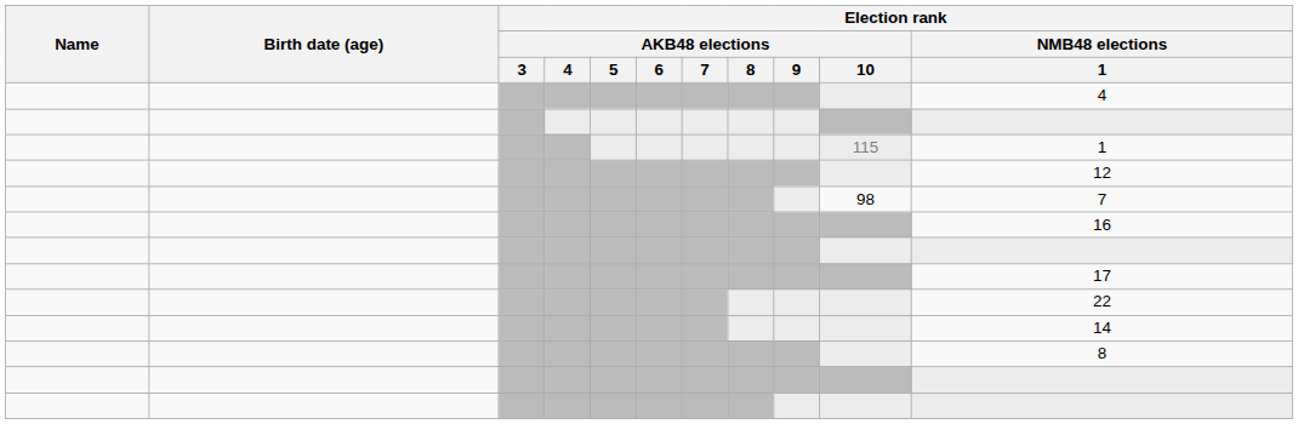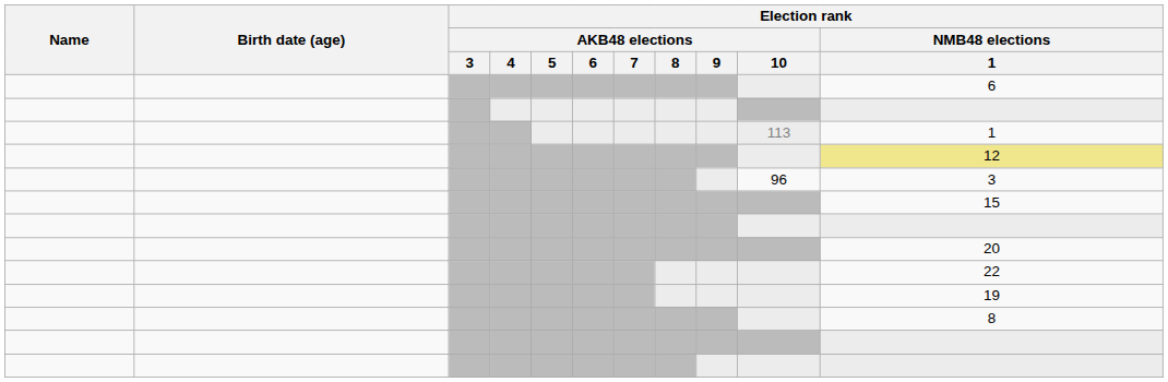 <table class="wikitable sortable"  style="text-align:center; width:100%;">
 <tr>
 <th rowspan="3">Name</th>
 <th rowspan="3">Birth date (age)</th>
 <th colspan="9" class="unsortable">Election rank</th>
 </tr>
 <tr>
 <th colspan="8" class="unsortable">AKB48 elections</th>
 <th colspan="1" class="unsortable">NMB48 elections</th>
 </tr>
 <tr>
 <th data-sort-type="number">3</th>
 <th data-sort-type="number">4</th>
 <th data-sort-type="number">5</th>
 <th data-sort-type="number">6</th>
 <th data-sort-type="number">7</th>
 <th data-sort-type="number">8</th>
 <th data-sort-type="number">9</th>
 <th data-sort-type="number">10</th>
 <th data-sort-type="number">1</th>
 </tr>
 <tr>
 <td style="text-align:left;" data-sort-value="Abe, Wakana"></td>
 <td style="text-align:left;"></td>
 <td style="background:#bbb;"> </td>
 <td style="background:#bbb;"> </td>
 <td style="background:#bbb;"> </td>
 <td style="background:#bbb;"> </td>
 <td style="background:#bbb;"> </td>
 <td style="background:#bbb;"> </td>
 <td style="background:#bbb;"> </td>
 <td style="background:#ececec; color:gray;"></td>
-<td>4</td>
+<td>6</td>
 </tr>
 <tr>
 <td style="text-align:left;" data-sort-value="Uno, Mizuki"></td>
 <td style="text-align:left;"></td>
 <td style="background:#bbb;"> </td>
 <td style="background:#ececec; color:gray;"></td>
 <td style="background:#ececec; color:gray;"></td>
 <td style="background:#ececec; color:gray;"></td>
 <td style="background:#ececec; color:gray;"></td>
 <td style="background:#ececec; color:gray;"></td>
 <td style="background:#ececec; color:gray;"></td>
 <td style="background:#bbb;"> </td>
 <td style="background:#ececec; color:gray;"></td>
 </tr>
 <tr>
 <td style="text-align:left;" data-sort-value="Kawakami, Chihiro"></td>
 <td style="text-align:left;"></td>
 <td style="background:#bbb;"> </td>
 <td style="background:#bbb;"> </td>
 <td style="background:#ececec; color:gray;"></td>
 <td style="background:#ececec; color:gray;"></td>
 <td style="background:#ececec; color:gray;"></td>
 <td style="background:#ececec; color:gray;"></td>
 <td style="background:#ececec; color:gray;"></td>
-<td style="background:#ececec; color:gray;">115</td>
+<td style="background:#ececec; color:gray;">113</td>
 <td>1</td>
 </tr>
 <tr>
 <td style="text-align:left;" data-sort-value="Shiotsuki, Keito"></td>
 <td style="text-align:left;"></td>
 <td style="background:#bbb;"> </td>
 <td style="background:#bbb;"> </td>
 <td style="background:#bbb;"> </td>
 <td style="background:#bbb;"> </td>
 <td style="background:#bbb;"> </td>
 <td style="background:#bbb;"> </td>
 <td style="background:#bbb;"> </td>
 <td style="background:#ececec; color:gray;"></td>
-<td>12</td>
+<td style="background: khaki;">12</td>
 </tr>
 <tr>
 <td style="text-align:left;" data-sort-value="Jonishi, Rei"></td>
 <td style="text-align:left;"></td>
 <td style="background:#bbb;"> </td>
 <td style="background:#bbb;"> </td>
 <td style="background:#bbb;"> </td>
 <td style="background:#bbb;"> </td>
 <td style="background:#bbb;"> </td>
 <td style="background:#bbb;"> </td>
 <td style="background:#ececec; color:gray;"></td>
-<td>98</td>
-<td>7</td>
+<td>96</td>
+<td>3</td>
 </tr>
 <tr>
 <td style="text-align:left;" data-sort-value="Deguchi, Yuina"></td>
 <td style="text-align:left;"></td>
 <td style="background:#bbb;"> </td>
 <td style="background:#bbb;"> </td>
 <td style="background:#bbb;"> </td>
 <td style="background:#bbb;"> </td>
 <td style="background:#bbb;"> </td>
 <td style="background:#bbb;"> </td>
 <td style="background:#bbb;"> </td>
 <td style="background:#bbb;"> </td>
-<td>16</td>
+<td>15</td>
 </tr>
 <tr>
 <td style="text-align:left;" data-sort-value="Nakano, Mirai"></td>
 <td style="text-align:left;"></td>
 <td style="background:#bbb;"> </td>
 <td style="background:#bbb;"> </td>
 <td style="background:#bbb;"> </td>
 <td style="background:#bbb;"> </td>
 <td style="background:#bbb;"> </td>
 <td style="background:#bbb;"> </td>
 <td style="background:#bbb;"> </td>
 <td style="background:#ececec; color:gray;"></td>
 <td style="background:#ececec; color:gray;"></td>
 </tr>
 <tr>
 <td style="text-align:left;" data-sort-value="Hara, Karen"></td>
 <td style="text-align:left;"></td>
 <td style="background:#bbb;"> </td>
 <td style="background:#bbb;"> </td>
 <td style="background:#bbb;"> </td>
 <td style="background:#bbb;"> </td>
 <td style="background:#bbb;"> </td>
 <td style="background:#bbb;"> </td>
 <td style="background:#bbb;"> </td>
 <td style="background:#bbb;"> </td>
-<td>17</td>
+<td>20</td>
 </tr>
 <tr>
 <td style="text-align:left;" data-sort-value="Hori, Shion"></td>
 <td style="text-align:left;"></td>
 <td style="background:#bbb;"> </td>
 <td style="background:#bbb;"> </td>
 <td style="background:#bbb;"> </td>
 <td style="background:#bbb;"> </td>
 <td style="background:#bbb;"> </td>
 <td style="background:#ececec; color:gray;"></td>
 <td style="background:#ececec; color:gray;"></td>
 <td style="background:#ececec; color:gray;"></td>
 <td>22</td>
 </tr>
 <tr>
 <td style="text-align:left;" data-sort-value="Hongo, Yuzuha"></td>
 <td style="text-align:left;"></td>
 <td style="background:#bbb;"> </td>
 <td style="background:#bbb;"> </td>
 <td style="background:#bbb;"> </td>
 <td style="background:#bbb;"> </td>
 <td style="background:#bbb;"> </td>
 <td style="background:#ececec; color:gray;"></td>
 <td style="background:#ececec; color:gray;"></td>
 <td style="background:#ececec; color:gray;"></td>
-<td>14</td>
+<td>19</td>
 </tr>
 <tr>
 <td style="text-align:left;" data-sort-value="Maeda, Reiko"></td>
 <td style="text-align:left;"></td>
 <td style="background:#bbb;"> </td>
 <td style="background:#bbb;"> </td>
 <td style="background:#bbb;"> </td>
 <td style="background:#bbb;"> </td>
 <td style="background:#bbb;"> </td>
 <td style="background:#bbb;"> </td>
 <td style="background:#bbb;"> </td>
 <td style="background:#ececec; color:gray;"></td>
 <td>8</td>
 </tr>
 <tr>
 <td style="text-align:left;" data-sort-value="Manabe, Anju"></td>
 <td style="text-align:left;"></td>
 <td style="background:#bbb;"> </td>
 <td style="background:#bbb;"> </td>
 <td style="background:#bbb;"> </td>
 <td style="background:#bbb;"> </td>
 <td style="background:#bbb;"> </td>
 <td style="background:#bbb;"> </td>
 <td style="background:#bbb;"> </td>
 <td style="background:#bbb;"> </td>
 <td style="background:#ececec; color:gray;"></td>
 </tr>
 <tr>
 <td style="text-align:left;" data-sort-value="Mizuta, Shiori"></td>
 <td style="text-align:left;"></td>
 <td style="background:#bbb;"> </td>
 <td style="background:#bbb;"> </td>
 <td style="background:#bbb;"> </td>
 <td style="background:#bbb;"> </td>
 <td style="background:#bbb;"> </td>
 <td style="background:#bbb;"> </td>
 <td style="background:#ececec; color:gray;"></td>
 <td style="background:#ececec; color:gray;"></td>
 <td style="background:#ececec; color:gray;"></td>
 </tr>
 </table>
